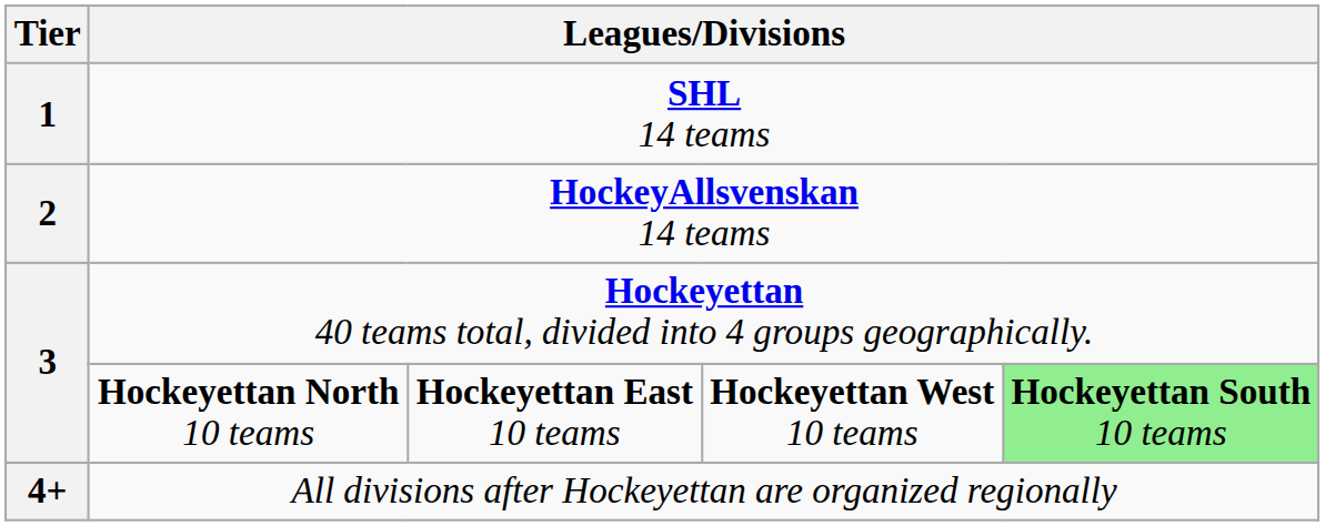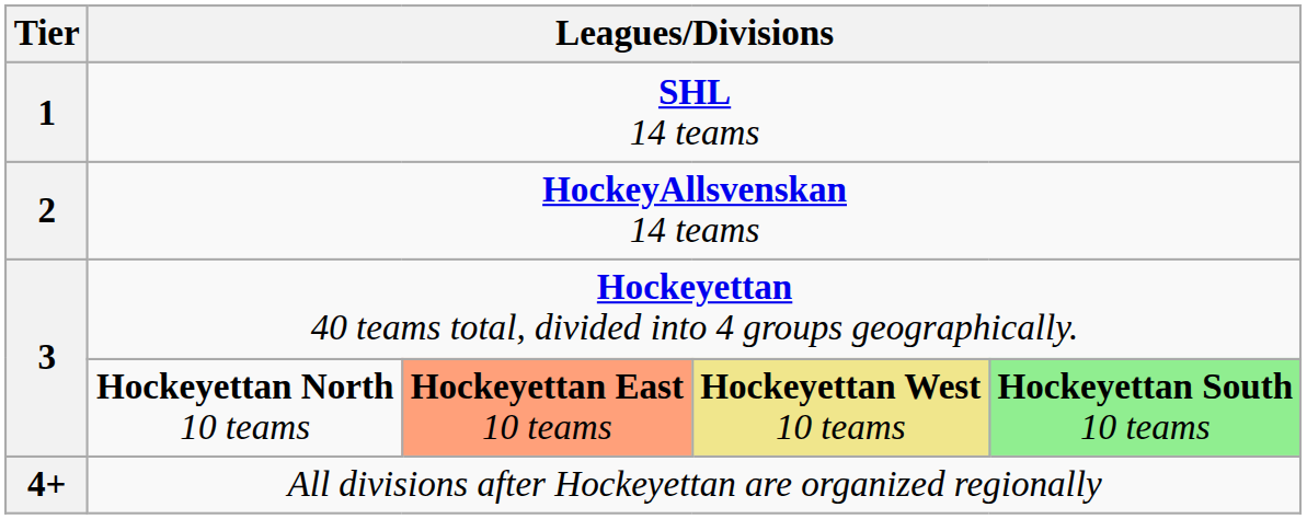 <table class=wikitable>
 <tr>
 <th>Tier</th>
 <th colspan=6>Leagues/Divisions</th>
 </tr>
 <tr>
 <th>1</th>
 <td colspan="6" style="text-align:center;"><strong><a href='#'>SHL</a></strong><br><em>14 teams</em></td>
 </tr>
 <tr>
 <th>2</th>
 <td colspan="6" style="text-align:center;"><strong><a href='#'>HockeyAllsvenskan</a></strong><br><em>14 teams</em></td>
 </tr>
 <tr>
 <th rowspan=2>3</th>
 <td colspan="6" style="text-align:center;"><strong><a href='#'>Hockeyettan</a></strong><br><em>40 teams total, divided into 4 groups geographically.</em></td>
 </tr>
 <tr>
 <td align=center><strong>Hockeyettan North</strong><br><em>10 teams</em></td>
-<td align=center><strong>Hockeyettan East</strong><br><em>10 teams</em></td>
-<td align=center><strong>Hockeyettan West</strong><br><em>10 teams</em></td>
+<td align=center style="background: lightsalmon;"><strong>Hockeyettan East</strong><br><em>10 teams</em></td>
+<td align=center style="background: khaki;"><strong>Hockeyettan West</strong><br><em>10 teams</em></td>
 <td align=center style="background: lightgreen;"><strong>Hockeyettan South</strong><br><em>10 teams</em></td>
 </tr>
 <tr>
 <th>4+</th>
 <td colspan="7" style="text-align:center;"><em>All divisions after Hockeyettan are organized regionally</em></td>
 </tr>
 </table>
